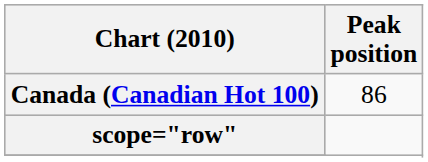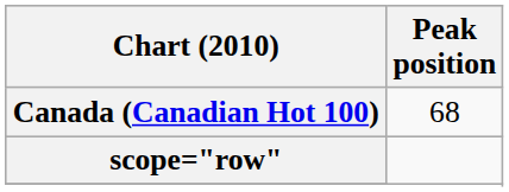 <table class="wikitable sortable plainrowheaders" style="text-align:center;">
 <tr>
 <th scope="col">Chart (2010)</th>
 <th scope="col">Peak<br>position</th>
 </tr>
 <tr>
 <th scope="row">Canada (<a href='#'>Canadian Hot 100</a>)</th>
-<td align="center">86</td>
+<td align="center">68</td>
 </tr>
 <tr>
 <th>scope="row"</th>
 </tr>
 <tr>
 </tr>
 </table>
